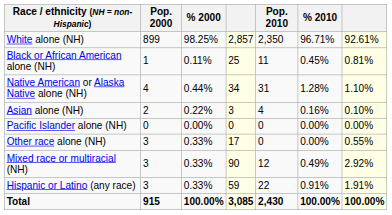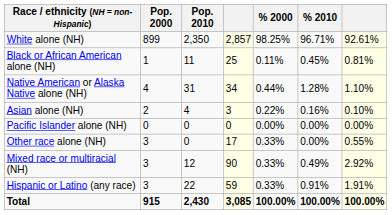 <table class="wikitable">
 <tr>
 <th>Race / ethnicity <small>(<em>NH = non-Hispanic</em>)</small></th>
 <th>Pop. 2000</th>
+<th>Pop. 2010</th>
+<th></th>
 <th>% 2000</th>
-<th></th>
-<th>Pop. 2010</th>
 <th>% 2010</th>
 <th></th>
 </tr>
 <tr>
 <td><a href='#'>White</a> alone (NH)</td>
 <td>899</td>
+<td>2,350</td>
+<td style='background: #ffffe6;'>2,857</td>
 <td>98.25%</td>
-<td style='background: #ffffe6;'>2,857</td>
-<td>2,350</td>
 <td>96.71%</td>
 <td style='background: #ffffe6;'>92.61%</td>
 </tr>
 <tr>
 <td><a href='#'>Black or African American</a> alone (NH)</td>
 <td>1</td>
+<td>11</td>
+<td style='background: #ffffe6;'>25</td>
 <td>0.11%</td>
-<td style='background: #ffffe6;'>25</td>
-<td>11</td>
 <td>0.45%</td>
 <td style='background: #ffffe6;'>0.81%</td>
 </tr>
 <tr>
 <td><a href='#'>Native American</a> or <a href='#'>Alaska Native</a> alone (NH)</td>
 <td>4</td>
+<td>31</td>
+<td style='background: #ffffe6;'>34</td>
 <td>0.44%</td>
-<td style='background: #ffffe6;'>34</td>
-<td>31</td>
 <td>1.28%</td>
 <td style='background: #ffffe6;'>1.10%</td>
 </tr>
 <tr>
 <td><a href='#'>Asian</a> alone (NH)</td>
 <td>2</td>
+<td>4</td>
+<td style='background: #ffffe6;'>3</td>
 <td>0.22%</td>
-<td style='background: #ffffe6;'>3</td>
-<td>4</td>
 <td>0.16%</td>
 <td style='background: #ffffe6;'>0.10%</td>
 </tr>
 <tr>
 <td><a href='#'>Pacific Islander</a> alone (NH)</td>
 <td>0</td>
+<td>0</td>
+<td style='background: #ffffe6;'>0</td>
 <td>0.00%</td>
-<td style='background: #ffffe6;'>0</td>
-<td>0</td>
 <td>0.00%</td>
 <td style='background: #ffffe6;'>0.00%</td>
 </tr>
 <tr>
 <td><a href='#'>Other race</a> alone (NH)</td>
 <td>3</td>
+<td>0</td>
+<td style='background: #ffffe6;'>17</td>
 <td>0.33%</td>
-<td style='background: #ffffe6;'>17</td>
-<td>0</td>
 <td>0.00%</td>
 <td style='background: #ffffe6;'>0.55%</td>
 </tr>
 <tr>
 <td><a href='#'>Mixed race or multiracial</a> (NH)</td>
 <td>3</td>
+<td>12</td>
+<td style='background: #ffffe6;'>90</td>
 <td>0.33%</td>
-<td style='background: #ffffe6;'>90</td>
-<td>12</td>
 <td>0.49%</td>
 <td style='background: #ffffe6;'>2.92%</td>
 </tr>
 <tr>
 <td><a href='#'>Hispanic or Latino</a> (any race)</td>
 <td>3</td>
+<td>22</td>
+<td style='background: #ffffe6;'>59</td>
 <td>0.33%</td>
-<td style='background: #ffffe6;'>59</td>
-<td>22</td>
 <td>0.91%</td>
 <td style='background: #ffffe6;'>1.91%</td>
 </tr>
 <tr>
 <td><strong>Total</strong></td>
 <td><strong>915</strong></td>
+<td><strong>2,430</strong></td>
+<td style='background: #ffffe6;'><strong>3,085</strong></td>
 <td><strong>100.00%</strong></td>
-<td style='background: #ffffe6;'><strong>3,085</strong></td>
-<td><strong>2,430</strong></td>
 <td><strong>100.00%</strong></td>
 <td style='background: #ffffe6;'><strong>100.00%</strong></td>
 </tr>
 </table>
